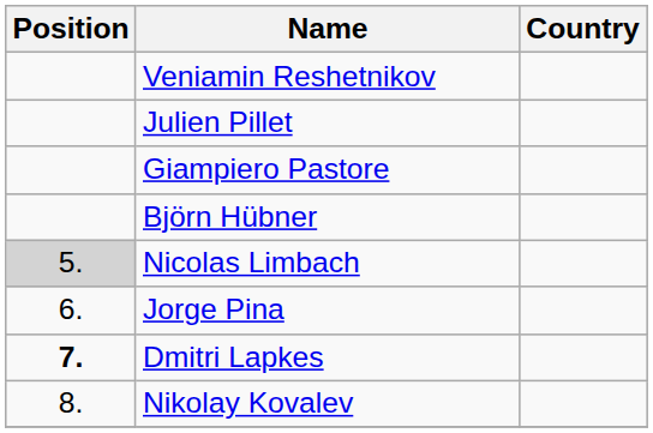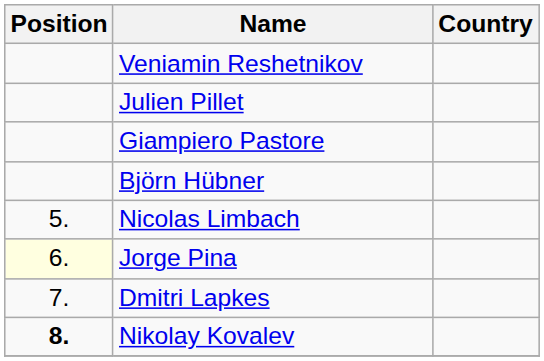 <table class="wikitable">
 <tr>
 <th width="20">Position</th>
 <th width="200">Name</th>
 <th>Country</th>
 </tr>
 <tr>
 <td align="center"></td>
 <td><a href='#'>Veniamin Reshetnikov</a></td>
 <td></td>
 </tr>
 <tr>
 <td align="center"></td>
 <td><a href='#'>Julien Pillet</a></td>
 <td></td>
 </tr>
 <tr>
 <td align="center"></td>
 <td><a href='#'>Giampiero Pastore</a></td>
 <td></td>
 </tr>
 <tr>
 <td align="center"></td>
 <td><a href='#'>Björn Hübner</a></td>
 <td></td>
 </tr>
 <tr>
-<td align="center" style="background: lightgrey;">5.</td>
+<td align="center">5.</td>
 <td><a href='#'>Nicolas Limbach</a></td>
 <td></td>
 </tr>
 <tr>
-<td align="center">6.</td>
+<td align="center" style="background: lightyellow;">6.</td>
 <td><a href='#'>Jorge Pina</a></td>
 <td></td>
 </tr>
 <tr>
-<td align="center"><strong>7.</strong></td>
+<td align="center">7.</td>
 <td><a href='#'>Dmitri Lapkes</a></td>
 <td></td>
 </tr>
 <tr>
-<td align="center">8.</td>
+<td align="center"><strong>8.</strong></td>
 <td><a href='#'>Nikolay Kovalev</a></td>
 <td></td>
 </tr>
 <tr>
 </tr>
 </table>
